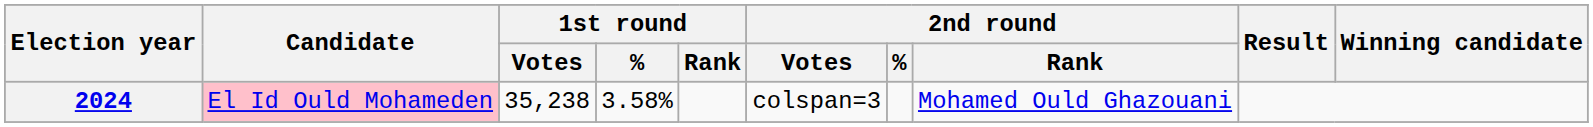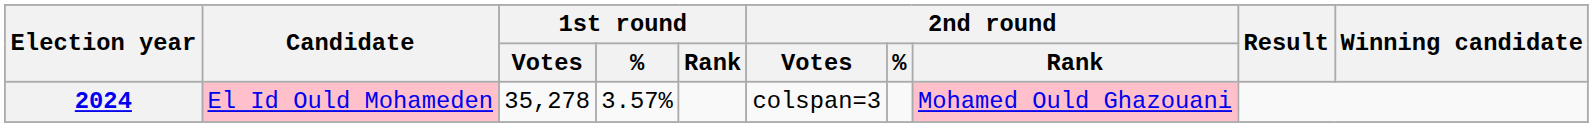 <table class="wikitable" style="text-align:center;">
 <tr>
 <th rowspan=2>Election year</th>
 <th rowspan=2>Candidate</th>
 <th colspan=3>1st round</th>
 <th colspan=3>2nd round</th>
 <th rowspan=2>Result</th>
 <th rowspan=2>Winning candidate</th>
 </tr>
 <tr>
 <th>Votes</th>
 <th>%</th>
 <th>Rank</th>
 <th>Votes</th>
 <th>%</th>
 <th>Rank</th>
 </tr>
 <tr>
 <th><a href='#'>2024</a></th>
 <td style="background: pink;"><a href='#'>El Id Ould Mohameden</a></td>
-<td>35,238</td>
-<td>3.58%</td>
+<td>35,278</td>
+<td>3.57%</td>
 <td></td>
 <td>colspan=3 </td>
 <td></td>
-<td><a href='#'>Mohamed Ould Ghazouani</a></td>
+<td style="background: pink;"><a href='#'>Mohamed Ould Ghazouani</a></td>
 </tr>
 </table>
